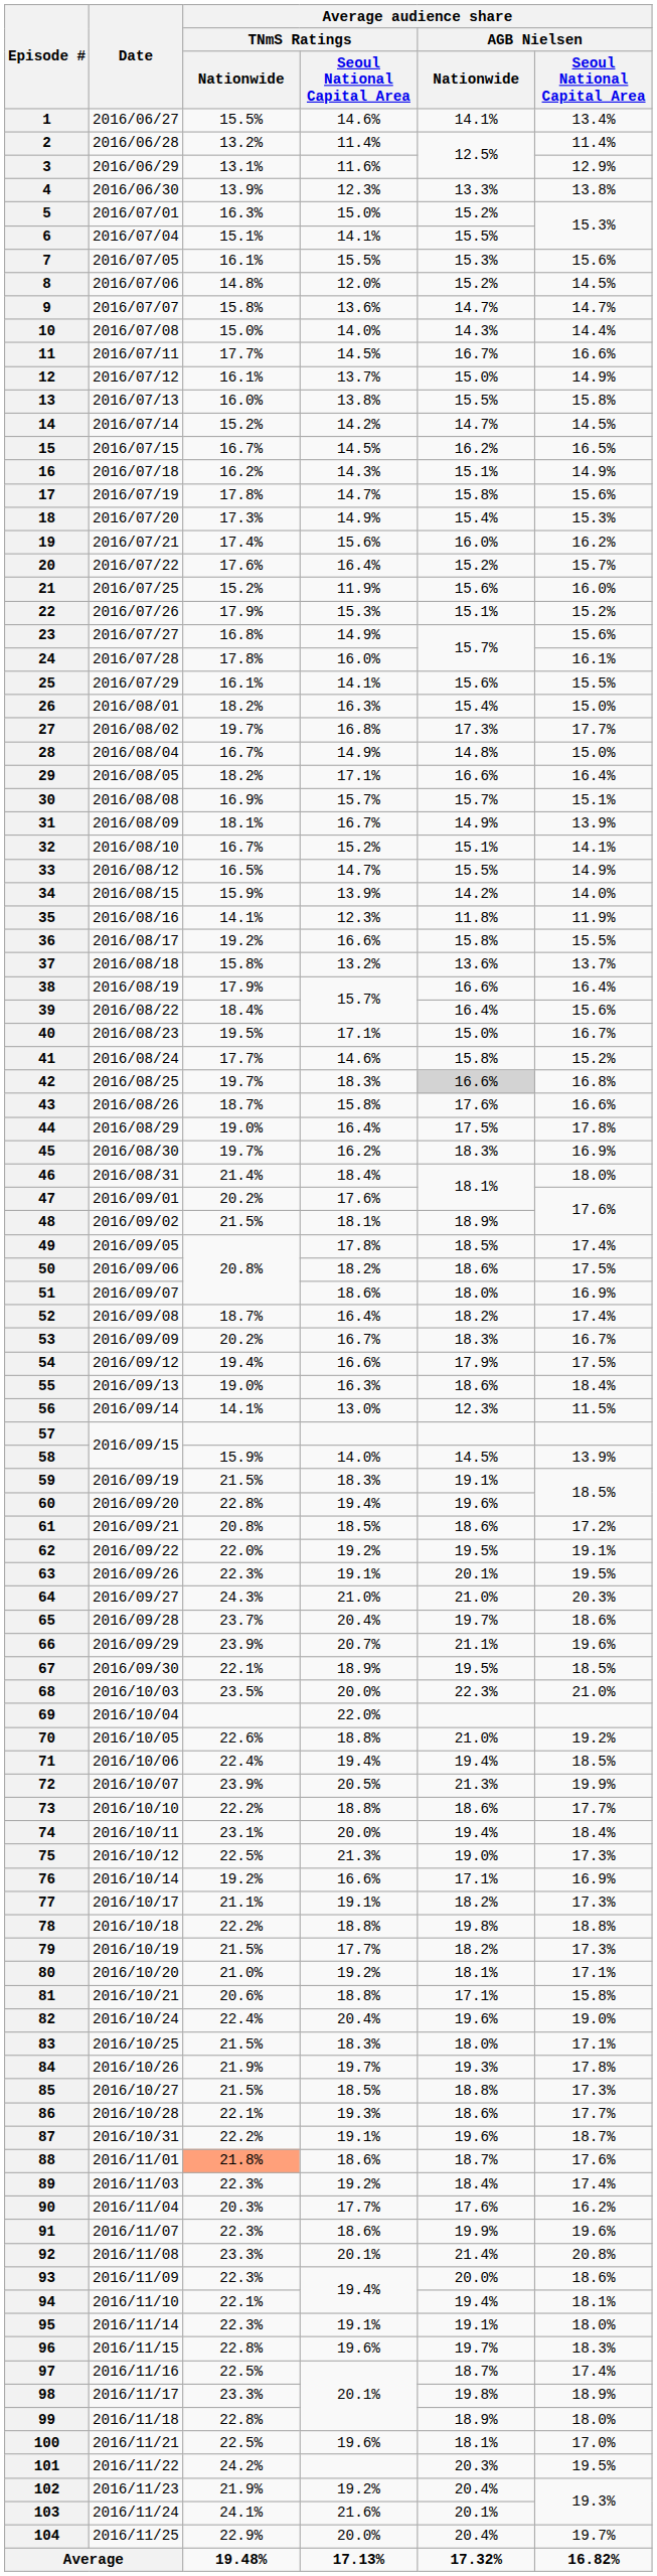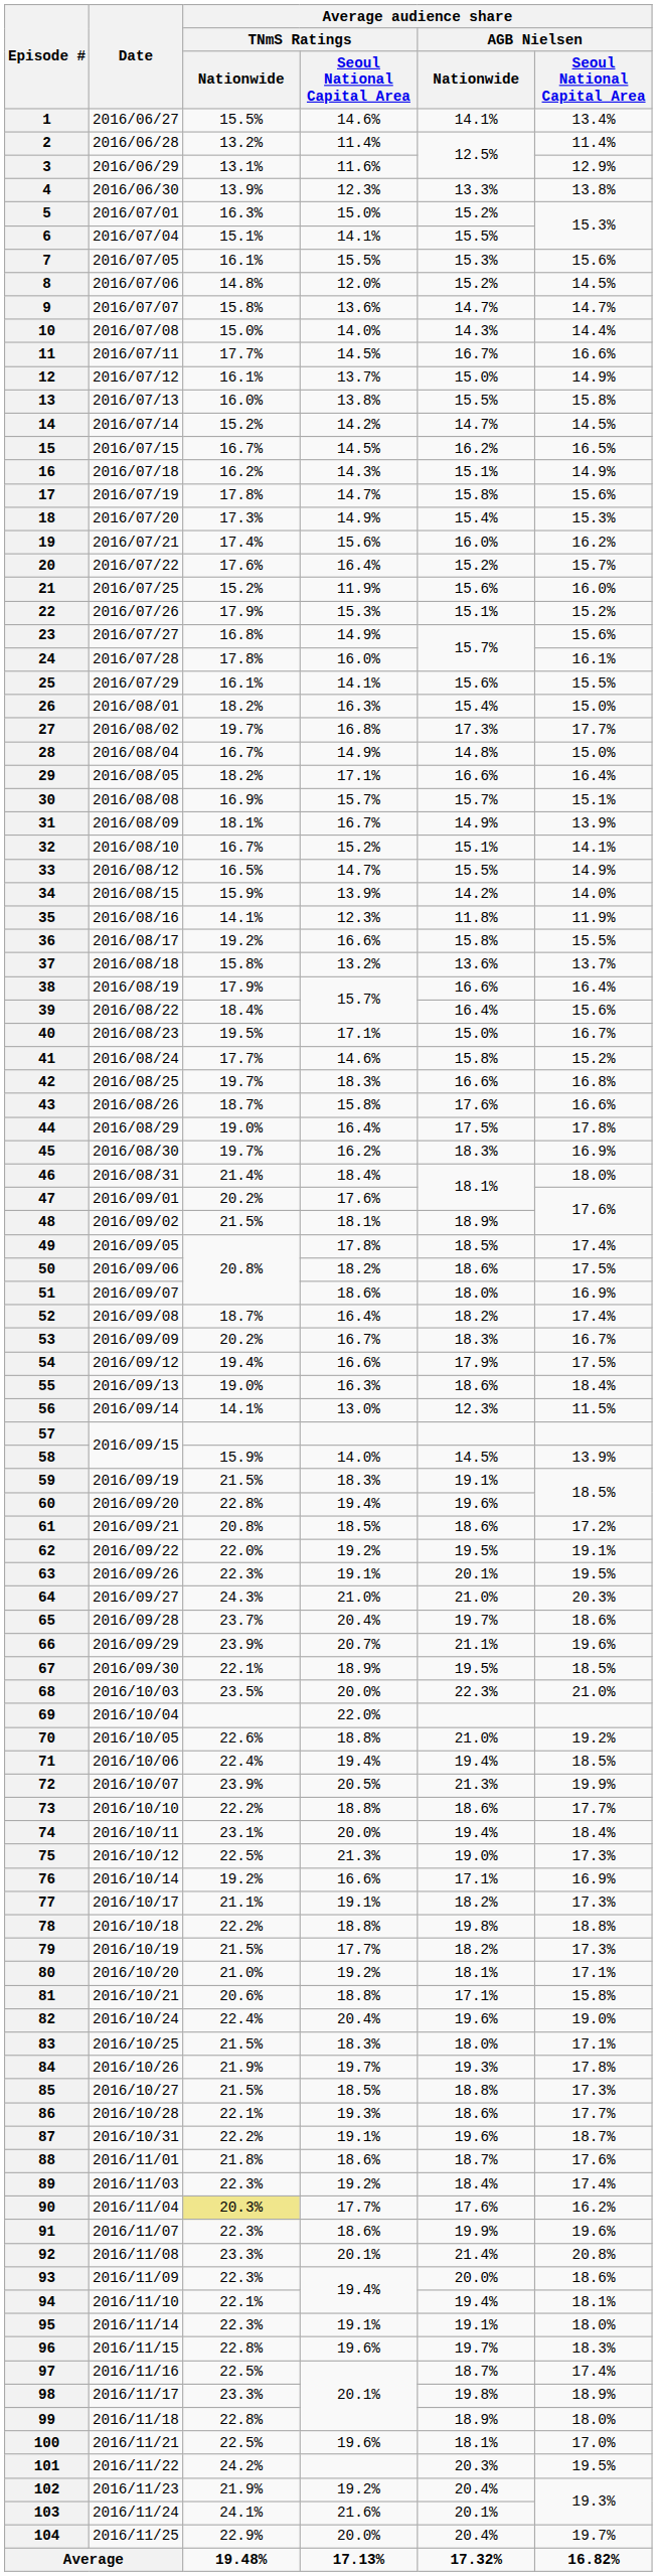 <table class=wikitable style="text-align:center">
 <tr>
 <th rowspan="3">Episode #</th>
 <th rowspan="3">Date</th>
 <th colspan="4">Average audience share</th>
 </tr>
 <tr>
 <th colspan="2">TNmS Ratings</th>
 <th colspan="2">AGB Nielsen</th>
 </tr>
 <tr>
 <th width=100>Nationwide</th>
 <th width=100><a href='#'>Seoul National Capital Area</a></th>
 <th width=100>Nationwide</th>
 <th width=100><a href='#'>Seoul National Capital Area</a></th>
 </tr>
 <tr>
 <th>1</th>
 <td>2016/06/27</td>
 <td>15.5%</td>
 <td>14.6%</td>
 <td>14.1%</td>
 <td>13.4%</td>
 </tr>
 <tr>
 <th>2</th>
 <td>2016/06/28</td>
 <td>13.2%</td>
 <td>11.4%</td>
 <td rowspan=2>12.5%</td>
 <td>11.4%</td>
 </tr>
 <tr>
 <th>3</th>
 <td>2016/06/29</td>
 <td>13.1%</td>
 <td>11.6%</td>
 <td>12.9%</td>
 </tr>
 <tr>
 <th>4</th>
 <td>2016/06/30</td>
 <td>13.9%</td>
 <td>12.3%</td>
 <td>13.3%</td>
 <td>13.8%</td>
 </tr>
 <tr>
 <th>5</th>
 <td>2016/07/01</td>
 <td>16.3%</td>
 <td>15.0%</td>
 <td>15.2%</td>
 <td rowspan=2>15.3%</td>
 </tr>
 <tr>
 <th>6</th>
 <td>2016/07/04</td>
 <td>15.1%</td>
 <td>14.1%</td>
 <td>15.5%</td>
 </tr>
 <tr>
 <th>7</th>
 <td>2016/07/05</td>
 <td>16.1%</td>
 <td>15.5%</td>
 <td>15.3%</td>
 <td>15.6%</td>
 </tr>
 <tr>
 <th>8</th>
 <td>2016/07/06</td>
 <td>14.8%</td>
 <td>12.0%</td>
 <td>15.2%</td>
 <td>14.5%</td>
 </tr>
 <tr>
 <th>9</th>
 <td>2016/07/07</td>
 <td>15.8%</td>
 <td>13.6%</td>
 <td>14.7%</td>
 <td>14.7%</td>
 </tr>
 <tr>
 <th>10</th>
 <td>2016/07/08</td>
 <td>15.0%</td>
 <td>14.0%</td>
 <td>14.3%</td>
 <td>14.4%</td>
 </tr>
 <tr>
 <th>11</th>
 <td>2016/07/11</td>
 <td>17.7%</td>
 <td>14.5%</td>
 <td>16.7%</td>
 <td>16.6%</td>
 </tr>
 <tr>
 <th>12</th>
 <td>2016/07/12</td>
 <td>16.1%</td>
 <td>13.7%</td>
 <td>15.0%</td>
 <td>14.9%</td>
 </tr>
 <tr>
 <th>13</th>
 <td>2016/07/13</td>
 <td>16.0%</td>
 <td>13.8%</td>
 <td>15.5%</td>
 <td>15.8%</td>
 </tr>
 <tr>
 <th>14</th>
 <td>2016/07/14</td>
 <td>15.2%</td>
 <td>14.2%</td>
 <td>14.7%</td>
 <td>14.5%</td>
 </tr>
 <tr>
 <th>15</th>
 <td>2016/07/15</td>
 <td>16.7%</td>
 <td>14.5%</td>
 <td>16.2%</td>
 <td>16.5%</td>
 </tr>
 <tr>
 <th>16</th>
 <td>2016/07/18</td>
 <td>16.2%</td>
 <td>14.3%</td>
 <td>15.1%</td>
 <td>14.9%</td>
 </tr>
 <tr>
 <th>17</th>
 <td>2016/07/19</td>
 <td>17.8%</td>
 <td>14.7%</td>
 <td>15.8%</td>
 <td>15.6%</td>
 </tr>
 <tr>
 <th>18</th>
 <td>2016/07/20</td>
 <td>17.3%</td>
 <td>14.9%</td>
 <td>15.4%</td>
 <td>15.3%</td>
 </tr>
 <tr>
 <th>19</th>
 <td>2016/07/21</td>
 <td>17.4%</td>
 <td>15.6%</td>
 <td>16.0%</td>
 <td>16.2%</td>
 </tr>
 <tr>
 <th>20</th>
 <td>2016/07/22</td>
 <td>17.6%</td>
 <td>16.4%</td>
 <td>15.2%</td>
 <td>15.7%</td>
 </tr>
 <tr>
 <th>21</th>
 <td>2016/07/25</td>
 <td>15.2%</td>
 <td>11.9%</td>
 <td>15.6%</td>
 <td>16.0%</td>
 </tr>
 <tr>
 <th>22</th>
 <td>2016/07/26</td>
 <td>17.9%</td>
 <td>15.3%</td>
 <td>15.1%</td>
 <td>15.2%</td>
 </tr>
 <tr>
 <th>23</th>
 <td>2016/07/27</td>
 <td>16.8%</td>
 <td>14.9%</td>
 <td rowspan=2>15.7%</td>
 <td>15.6%</td>
 </tr>
 <tr>
 <th>24</th>
 <td>2016/07/28</td>
 <td>17.8%</td>
 <td>16.0%</td>
 <td>16.1%</td>
 </tr>
 <tr>
 <th>25</th>
 <td>2016/07/29</td>
 <td>16.1%</td>
 <td>14.1%</td>
 <td>15.6%</td>
 <td>15.5%</td>
 </tr>
 <tr>
 <th>26</th>
 <td>2016/08/01</td>
 <td>18.2%</td>
 <td>16.3%</td>
 <td>15.4%</td>
 <td>15.0%</td>
 </tr>
 <tr>
 <th>27</th>
 <td>2016/08/02</td>
 <td>19.7%</td>
 <td>16.8%</td>
 <td>17.3%</td>
 <td>17.7%</td>
 </tr>
 <tr>
 <th>28</th>
 <td>2016/08/04</td>
 <td>16.7%</td>
 <td>14.9%</td>
 <td>14.8%</td>
 <td>15.0%</td>
 </tr>
 <tr>
 <th>29</th>
 <td>2016/08/05</td>
 <td>18.2%</td>
 <td>17.1%</td>
 <td>16.6%</td>
 <td>16.4%</td>
 </tr>
 <tr>
 <th>30</th>
 <td>2016/08/08</td>
 <td>16.9%</td>
 <td>15.7%</td>
 <td>15.7%</td>
 <td>15.1%</td>
 </tr>
 <tr>
 <th>31</th>
 <td>2016/08/09</td>
 <td>18.1%</td>
 <td>16.7%</td>
 <td>14.9%</td>
 <td>13.9%</td>
 </tr>
 <tr>
 <th>32</th>
 <td>2016/08/10</td>
 <td>16.7%</td>
 <td>15.2%</td>
 <td>15.1%</td>
 <td>14.1%</td>
 </tr>
 <tr>
 <th>33</th>
 <td>2016/08/12</td>
 <td>16.5%</td>
 <td>14.7%</td>
 <td>15.5%</td>
 <td>14.9%</td>
 </tr>
 <tr>
 <th>34</th>
 <td>2016/08/15</td>
 <td>15.9%</td>
 <td>13.9%</td>
 <td>14.2%</td>
 <td>14.0%</td>
 </tr>
 <tr>
 <th>35</th>
 <td>2016/08/16</td>
 <td>14.1%</td>
 <td>12.3%</td>
 <td>11.8%</td>
 <td>11.9%</td>
 </tr>
 <tr>
 <th>36</th>
 <td>2016/08/17</td>
 <td>19.2%</td>
 <td>16.6%</td>
 <td>15.8%</td>
 <td>15.5%</td>
 </tr>
 <tr>
 <th>37</th>
 <td>2016/08/18</td>
 <td>15.8%</td>
 <td>13.2%</td>
 <td>13.6%</td>
 <td>13.7%</td>
 </tr>
 <tr>
 <th>38</th>
 <td>2016/08/19</td>
 <td>17.9%</td>
 <td rowspan=2>15.7%</td>
 <td>16.6%</td>
 <td>16.4%</td>
 </tr>
 <tr>
 <th>39</th>
 <td>2016/08/22</td>
 <td>18.4%</td>
 <td>16.4%</td>
 <td>15.6%</td>
 </tr>
 <tr>
 <th>40</th>
 <td>2016/08/23</td>
 <td>19.5%</td>
 <td>17.1%</td>
 <td>15.0%</td>
 <td>16.7%</td>
 </tr>
 <tr>
 <th>41</th>
 <td>2016/08/24</td>
 <td>17.7%</td>
 <td>14.6%</td>
 <td>15.8%</td>
 <td>15.2%</td>
 </tr>
 <tr>
 <th>42</th>
 <td>2016/08/25</td>
 <td>19.7%</td>
 <td>18.3%</td>
-<td style="background: lightgrey;">16.6%</td>
+<td>16.6%</td>
 <td>16.8%</td>
 </tr>
 <tr>
 <th>43</th>
 <td>2016/08/26</td>
 <td>18.7%</td>
 <td>15.8%</td>
 <td>17.6%</td>
 <td>16.6%</td>
 </tr>
 <tr>
 <th>44</th>
 <td>2016/08/29</td>
 <td>19.0%</td>
 <td>16.4%</td>
 <td>17.5%</td>
 <td>17.8%</td>
 </tr>
 <tr>
 <th>45</th>
 <td>2016/08/30</td>
 <td>19.7%</td>
 <td>16.2%</td>
 <td>18.3%</td>
 <td>16.9%</td>
 </tr>
 <tr>
 <th>46</th>
 <td>2016/08/31</td>
 <td>21.4%</td>
 <td>18.4%</td>
 <td rowspan=2>18.1%</td>
 <td>18.0%</td>
 </tr>
 <tr>
 <th>47</th>
 <td>2016/09/01</td>
 <td>20.2%</td>
 <td>17.6%</td>
 <td rowspan=2>17.6%</td>
 </tr>
 <tr>
 <th>48</th>
 <td>2016/09/02</td>
 <td>21.5%</td>
 <td>18.1%</td>
 <td>18.9%</td>
 </tr>
 <tr>
 <th>49</th>
 <td>2016/09/05</td>
 <td rowspan=3>20.8%</td>
 <td>17.8%</td>
 <td>18.5%</td>
 <td>17.4%</td>
 </tr>
 <tr>
 <th>50</th>
 <td>2016/09/06</td>
 <td>18.2%</td>
 <td>18.6%</td>
 <td>17.5%</td>
 </tr>
 <tr>
 <th>51</th>
 <td>2016/09/07</td>
 <td>18.6%</td>
 <td>18.0%</td>
 <td>16.9%</td>
 </tr>
 <tr>
 <th>52</th>
 <td>2016/09/08</td>
 <td>18.7%</td>
 <td>16.4%</td>
 <td>18.2%</td>
 <td>17.4%</td>
 </tr>
 <tr>
 <th>53</th>
 <td>2016/09/09</td>
 <td>20.2%</td>
 <td>16.7%</td>
 <td>18.3%</td>
 <td>16.7%</td>
 </tr>
 <tr>
 <th>54</th>
 <td>2016/09/12</td>
 <td>19.4%</td>
 <td>16.6%</td>
 <td>17.9%</td>
 <td>17.5%</td>
 </tr>
 <tr>
 <th>55</th>
 <td>2016/09/13</td>
 <td>19.0%</td>
 <td>16.3%</td>
 <td>18.6%</td>
 <td>18.4%</td>
 </tr>
 <tr>
 <th>56</th>
 <td>2016/09/14</td>
 <td>14.1%</td>
 <td>13.0%</td>
 <td>12.3%</td>
 <td>11.5%</td>
 </tr>
 <tr>
 <th>57</th>
 <td rowspan=2>2016/09/15</td>
 <td></td>
 <td></td>
 <td></td>
 <td></td>
 </tr>
 <tr>
 <th>58</th>
 <td>15.9%</td>
 <td>14.0%</td>
 <td>14.5%</td>
 <td>13.9%</td>
 </tr>
 <tr>
 <th>59</th>
 <td>2016/09/19</td>
 <td>21.5%</td>
 <td>18.3%</td>
 <td>19.1%</td>
 <td rowspan=2>18.5%</td>
 </tr>
 <tr>
 <th>60</th>
 <td>2016/09/20</td>
 <td>22.8%</td>
 <td>19.4%</td>
 <td>19.6%</td>
 </tr>
 <tr>
 <th>61</th>
 <td>2016/09/21</td>
 <td>20.8%</td>
 <td>18.5%</td>
 <td>18.6%</td>
 <td>17.2%</td>
 </tr>
 <tr>
 <th>62</th>
 <td>2016/09/22</td>
 <td>22.0%</td>
 <td>19.2%</td>
 <td>19.5%</td>
 <td>19.1%</td>
 </tr>
 <tr>
 <th>63</th>
 <td>2016/09/26</td>
 <td>22.3%</td>
 <td>19.1%</td>
 <td>20.1%</td>
 <td>19.5%</td>
 </tr>
 <tr>
 <th>64</th>
 <td>2016/09/27</td>
 <td>24.3%</td>
 <td>21.0%</td>
 <td>21.0%</td>
 <td>20.3%</td>
 </tr>
 <tr>
 <th>65</th>
 <td>2016/09/28</td>
 <td>23.7%</td>
 <td>20.4%</td>
 <td>19.7%</td>
 <td>18.6%</td>
 </tr>
 <tr>
 <th>66</th>
 <td>2016/09/29</td>
 <td>23.9%</td>
 <td>20.7%</td>
 <td>21.1%</td>
 <td>19.6%</td>
 </tr>
 <tr>
 <th>67</th>
 <td>2016/09/30</td>
 <td>22.1%</td>
 <td>18.9%</td>
 <td>19.5%</td>
 <td>18.5%</td>
 </tr>
 <tr>
 <th>68</th>
 <td>2016/10/03</td>
 <td>23.5%</td>
 <td>20.0%</td>
 <td>22.3%</td>
 <td>21.0%</td>
 </tr>
 <tr>
 <th>69</th>
 <td>2016/10/04</td>
 <td></td>
 <td>22.0%</td>
 <td></td>
 <td></td>
 </tr>
 <tr>
 <th>70</th>
 <td>2016/10/05</td>
 <td>22.6%</td>
 <td>18.8%</td>
 <td>21.0%</td>
 <td>19.2%</td>
 </tr>
 <tr>
 <th>71</th>
 <td>2016/10/06</td>
 <td>22.4%</td>
 <td>19.4%</td>
 <td>19.4%</td>
 <td>18.5%</td>
 </tr>
 <tr>
 <th>72</th>
 <td>2016/10/07</td>
 <td>23.9%</td>
 <td>20.5%</td>
 <td>21.3%</td>
 <td>19.9%</td>
 </tr>
 <tr>
 <th>73</th>
 <td>2016/10/10</td>
 <td>22.2%</td>
 <td>18.8%</td>
 <td>18.6%</td>
 <td>17.7%</td>
 </tr>
 <tr>
 <th>74</th>
 <td>2016/10/11</td>
 <td>23.1%</td>
 <td>20.0%</td>
 <td>19.4%</td>
 <td>18.4%</td>
 </tr>
 <tr>
 <th>75</th>
 <td>2016/10/12</td>
 <td>22.5%</td>
 <td>21.3%</td>
 <td>19.0%</td>
 <td>17.3%</td>
 </tr>
 <tr>
 <th>76</th>
 <td>2016/10/14</td>
 <td>19.2%</td>
 <td>16.6%</td>
 <td>17.1%</td>
 <td>16.9%</td>
 </tr>
 <tr>
 <th>77</th>
 <td>2016/10/17</td>
 <td>21.1%</td>
 <td>19.1%</td>
 <td>18.2%</td>
 <td>17.3%</td>
 </tr>
 <tr>
 <th>78</th>
 <td>2016/10/18</td>
 <td>22.2%</td>
 <td>18.8%</td>
 <td>19.8%</td>
 <td>18.8%</td>
 </tr>
 <tr>
 <th>79</th>
 <td>2016/10/19</td>
 <td>21.5%</td>
 <td>17.7%</td>
 <td>18.2%</td>
 <td>17.3%</td>
 </tr>
 <tr>
 <th>80</th>
 <td>2016/10/20</td>
 <td>21.0%</td>
 <td>19.2%</td>
 <td>18.1%</td>
 <td>17.1%</td>
 </tr>
 <tr>
 <th>81</th>
 <td>2016/10/21</td>
 <td>20.6%</td>
 <td>18.8%</td>
 <td>17.1%</td>
 <td>15.8%</td>
 </tr>
 <tr>
 <th>82</th>
 <td>2016/10/24</td>
 <td>22.4%</td>
 <td>20.4%</td>
 <td>19.6%</td>
 <td>19.0%</td>
 </tr>
 <tr>
 <th>83</th>
 <td>2016/10/25</td>
 <td>21.5%</td>
 <td>18.3%</td>
 <td>18.0%</td>
 <td>17.1%</td>
 </tr>
 <tr>
 <th>84</th>
 <td>2016/10/26</td>
 <td>21.9%</td>
 <td>19.7%</td>
 <td>19.3%</td>
 <td>17.8%</td>
 </tr>
 <tr>
 <th>85</th>
 <td>2016/10/27</td>
 <td>21.5%</td>
 <td>18.5%</td>
 <td>18.8%</td>
 <td>17.3%</td>
 </tr>
 <tr>
 <th>86</th>
 <td>2016/10/28</td>
 <td>22.1%</td>
 <td>19.3%</td>
 <td>18.6%</td>
 <td>17.7%</td>
 </tr>
 <tr>
 <th>87</th>
 <td>2016/10/31</td>
 <td>22.2%</td>
 <td>19.1%</td>
 <td>19.6%</td>
 <td>18.7%</td>
 </tr>
 <tr>
 <th>88</th>
 <td>2016/11/01</td>
-<td style="background: lightsalmon;">21.8%</td>
+<td>21.8%</td>
 <td>18.6%</td>
 <td>18.7%</td>
 <td>17.6%</td>
 </tr>
 <tr>
 <th>89</th>
 <td>2016/11/03</td>
 <td>22.3%</td>
 <td>19.2%</td>
 <td>18.4%</td>
 <td>17.4%</td>
 </tr>
 <tr>
 <th>90</th>
 <td>2016/11/04</td>
-<td>20.3%</td>
+<td style="background: khaki;">20.3%</td>
 <td>17.7%</td>
 <td>17.6%</td>
 <td>16.2%</td>
 </tr>
 <tr>
 <th>91</th>
 <td>2016/11/07</td>
 <td>22.3%</td>
 <td>18.6%</td>
 <td>19.9%</td>
 <td>19.6%</td>
 </tr>
 <tr>
 <th>92</th>
 <td>2016/11/08</td>
 <td>23.3%</td>
 <td>20.1%</td>
 <td>21.4%</td>
 <td>20.8%</td>
 </tr>
 <tr>
 <th>93</th>
 <td>2016/11/09</td>
 <td>22.3%</td>
 <td rowspan=2>19.4%</td>
 <td>20.0%</td>
 <td>18.6%</td>
 </tr>
 <tr>
 <th>94</th>
 <td>2016/11/10</td>
 <td>22.1%</td>
 <td>19.4%</td>
 <td>18.1%</td>
 </tr>
 <tr>
 <th>95</th>
 <td>2016/11/14</td>
 <td>22.3%</td>
 <td>19.1%</td>
 <td>19.1%</td>
 <td>18.0%</td>
 </tr>
 <tr>
 <th>96</th>
 <td>2016/11/15</td>
 <td>22.8%</td>
 <td>19.6%</td>
 <td>19.7%</td>
 <td>18.3%</td>
 </tr>
 <tr>
 <th>97</th>
 <td>2016/11/16</td>
 <td>22.5%</td>
 <td rowspan=3>20.1%</td>
 <td>18.7%</td>
 <td>17.4%</td>
 </tr>
 <tr>
 <th>98</th>
 <td>2016/11/17</td>
 <td>23.3%</td>
 <td>19.8%</td>
 <td>18.9%</td>
 </tr>
 <tr>
 <th>99</th>
 <td>2016/11/18</td>
 <td>22.8%</td>
 <td>18.9%</td>
 <td>18.0%</td>
 </tr>
 <tr>
 <th>100</th>
 <td>2016/11/21</td>
 <td>22.5%</td>
 <td>19.6%</td>
 <td>18.1%</td>
 <td>17.0%</td>
 </tr>
 <tr>
 <th>101</th>
 <td>2016/11/22</td>
 <td>24.2%</td>
 <td></td>
 <td>20.3%</td>
 <td>19.5%</td>
 </tr>
 <tr>
 <th>102</th>
 <td>2016/11/23</td>
 <td>21.9%</td>
 <td>19.2%</td>
 <td>20.4%</td>
 <td rowspan=2>19.3%</td>
 </tr>
 <tr>
 <th>103</th>
 <td>2016/11/24</td>
 <td>24.1%</td>
 <td>21.6%</td>
 <td>20.1%</td>
 </tr>
 <tr>
 <th>104</th>
 <td>2016/11/25</td>
 <td>22.9%</td>
 <td>20.0%</td>
 <td>20.4%</td>
 <td>19.7%</td>
 </tr>
 <tr>
 <th colspan="2">Average</th>
 <td><strong>19.48%</strong></td>
 <td><strong>17.13%</strong></td>
 <td><strong>17.32%</strong></td>
 <td><strong>16.82%</strong></td>
 </tr>
 </table>
